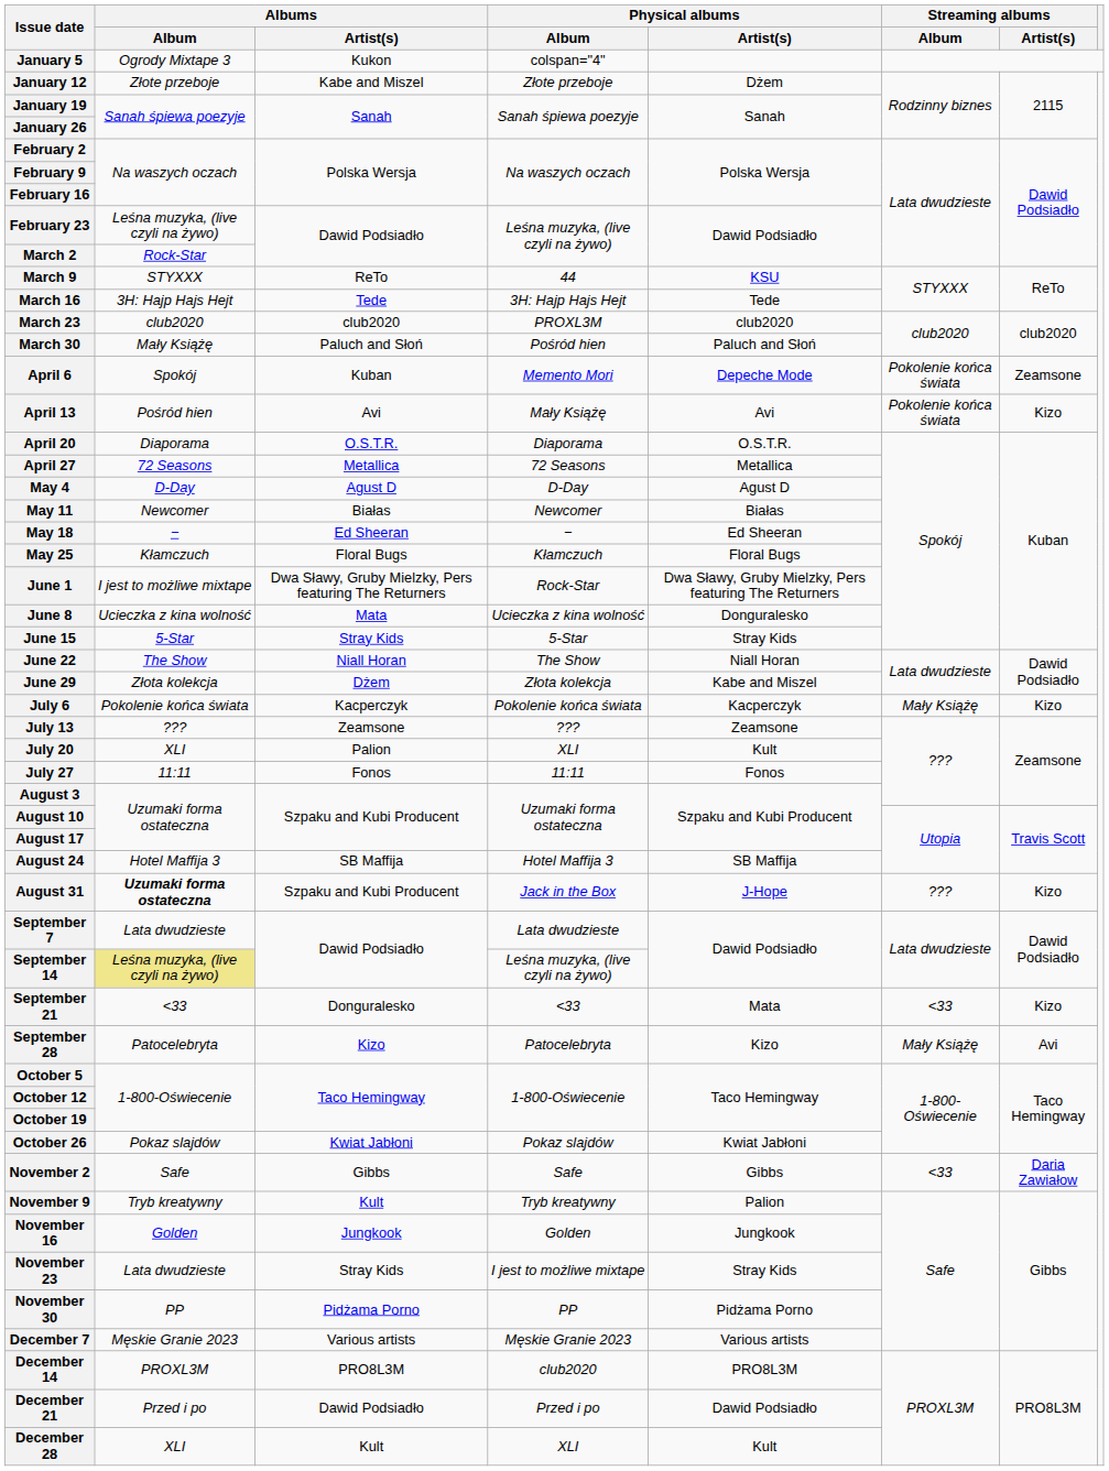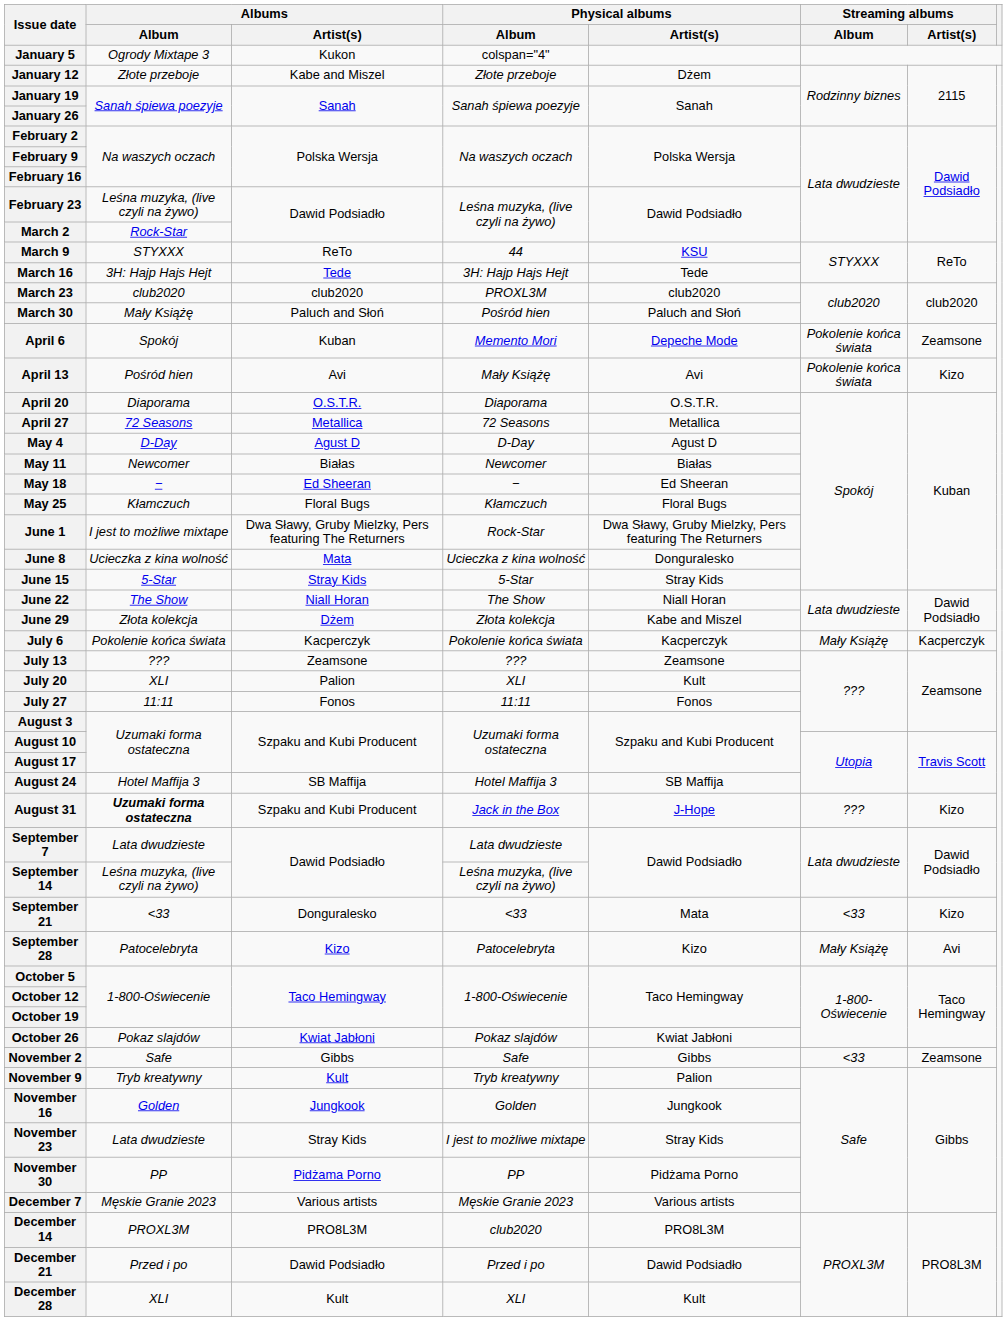 <table class="wikitable plainrowheaders" style="text-align: center">
 <tr>
 <th rowspan="2">Issue date</th>
 <th colspan="2">Albums</th>
 <th colspan="2">Physical albums</th>
 <th colspan="2">Streaming albums</th>
 <th rowspan="2"></th>
 </tr>
 <tr>
 <th>Album</th>
 <th>Artist(s)</th>
 <th>Album</th>
 <th>Artist(s)</th>
 <th>Album</th>
 <th>Artist(s)</th>
 </tr>
 <tr>
 <th scope="row">January 5</th>
 <td><em>Ogrody Mixtape 3</em></td>
 <td>Kukon</td>
 <td>colspan="4" </td>
 <td></td>
 </tr>
 <tr>
 <th scope="row">January 12</th>
 <td><em>Złote przeboje</em></td>
 <td>Kabe and Miszel</td>
 <td><em>Złote przeboje</em></td>
 <td>Dżem</td>
 <td rowspan="3"><em>Rodzinny biznes</em></td>
 <td rowspan="3">2115</td>
 <td rowspan="51"></td>
 </tr>
 <tr>
 <th scope="row">January 19</th>
 <td rowspan="2"><em><a href='#'>Sanah śpiewa poezyje</a></em></td>
 <td rowspan="2"><a href='#'>Sanah</a></td>
 <td rowspan="2"><em>Sanah śpiewa poezyje</em></td>
 <td rowspan="2">Sanah</td>
 </tr>
 <tr>
 <th scope="row">January 26</th>
 </tr>
 <tr>
 <th scope="row">February 2</th>
 <td rowspan="3"><em>Na waszych oczach</em></td>
 <td rowspan="3">Polska Wersja</td>
 <td rowspan="3"><em>Na waszych oczach</em></td>
 <td rowspan="3">Polska Wersja</td>
 <td rowspan="5"><em>Lata dwudzieste</em></td>
 <td rowspan="5"><a href='#'>Dawid Podsiadło</a></td>
 </tr>
 <tr>
 <th scope="row">February 9</th>
 </tr>
 <tr>
 <th scope="row">February 16</th>
 </tr>
 <tr>
 <th scope="row">February 23</th>
 <td><em>Leśna muzyka, (live czyli na żywo)</em></td>
 <td rowspan="2">Dawid Podsiadło</td>
 <td rowspan="2"><em>Leśna muzyka, (live czyli na żywo)</em></td>
 <td rowspan="2">Dawid Podsiadło</td>
 </tr>
 <tr>
 <th scope="row">March 2</th>
 <td><em><a href='#'>Rock-Star</a></em></td>
 </tr>
 <tr>
 <th scope="row">March 9</th>
 <td><em>STYXXX</em></td>
 <td>ReTo</td>
 <td><em>44</em></td>
 <td><a href='#'>KSU</a></td>
 <td rowspan="2"><em>STYXXX</em></td>
 <td rowspan="2">ReTo</td>
 </tr>
 <tr>
 <th scope="row">March 16</th>
 <td><em>3H: Hajp Hajs Hejt</em></td>
 <td><a href='#'>Tede</a></td>
 <td><em>3H: Hajp Hajs Hejt</em></td>
 <td>Tede</td>
 </tr>
 <tr>
 <th scope="row">March 23</th>
 <td><em>club2020</em></td>
 <td>club2020</td>
 <td><em>PROXL3M</em></td>
 <td>club2020</td>
 <td rowspan="2"><em>club2020</em></td>
 <td rowspan="2">club2020</td>
 </tr>
 <tr>
 <th scope="row">March 30</th>
 <td><em>Mały Książę</em></td>
 <td>Paluch and Słoń</td>
 <td><em>Pośród hien</em></td>
 <td>Paluch and Słoń</td>
 </tr>
 <tr>
 <th scope="row">April 6</th>
 <td><em>Spokój</em></td>
 <td>Kuban</td>
 <td><em><a href='#'>Memento Mori</a></em></td>
 <td><a href='#'>Depeche Mode</a></td>
 <td><em>Pokolenie końca świata</em></td>
 <td>Zeamsone</td>
 </tr>
 <tr>
 <th scope="row">April 13</th>
 <td><em>Pośród hien</em></td>
 <td>Avi</td>
 <td><em>Mały Książę</em></td>
 <td>Avi</td>
 <td><em>Pokolenie końca świata</em></td>
 <td>Kizo</td>
 </tr>
 <tr>
 <th scope="row">April 20</th>
 <td><em>Diaporama</em></td>
 <td><a href='#'>O.S.T.R.</a></td>
 <td><em>Diaporama</em></td>
 <td>O.S.T.R.</td>
 <td rowspan="9"><em>Spokój</em></td>
 <td rowspan="9">Kuban</td>
 </tr>
 <tr>
 <th scope="row">April 27</th>
 <td><em><a href='#'>72 Seasons</a></em></td>
 <td><a href='#'>Metallica</a></td>
 <td><em>72 Seasons</em></td>
 <td>Metallica</td>
 </tr>
 <tr>
 <th scope="row">May 4</th>
 <td><em><a href='#'>D-Day</a></em></td>
 <td><a href='#'>Agust D</a></td>
 <td><em>D-Day</em></td>
 <td>Agust D</td>
 </tr>
 <tr>
 <th scope="row">May 11</th>
 <td><em>Newcomer</em></td>
 <td>Białas</td>
 <td><em>Newcomer</em></td>
 <td>Białas</td>
 </tr>
 <tr>
 <th scope="row">May 18</th>
 <td><em><a href='#'>−</a></em></td>
 <td><a href='#'>Ed Sheeran</a></td>
 <td><em>−</em></td>
 <td>Ed Sheeran</td>
 </tr>
 <tr>
 <th scope="row">May 25</th>
 <td><em>Kłamczuch</em></td>
 <td>Floral Bugs</td>
 <td><em>Kłamczuch</em></td>
 <td>Floral Bugs</td>
 </tr>
 <tr>
 <th scope="row">June 1</th>
 <td><em>I jest to możliwe mixtape</em></td>
 <td>Dwa Sławy, Gruby Mielzky, Pers featuring The Returners</td>
 <td><em>Rock-Star</em></td>
 <td>Dwa Sławy, Gruby Mielzky, Pers featuring The Returners</td>
 </tr>
 <tr>
 <th scope="row">June 8</th>
 <td><em>Ucieczka z kina wolność</em></td>
 <td><a href='#'>Mata</a></td>
 <td><em>Ucieczka z kina wolność</em></td>
 <td>Donguralesko</td>
 </tr>
 <tr>
 <th scope="row">June 15</th>
 <td><em><a href='#'>5-Star</a></em></td>
 <td><a href='#'>Stray Kids</a></td>
 <td><em>5-Star</em></td>
 <td>Stray Kids</td>
 </tr>
 <tr>
 <th scope="row">June 22</th>
 <td><em><a href='#'>The Show</a></em></td>
 <td><a href='#'>Niall Horan</a></td>
 <td><em>The Show</em></td>
 <td>Niall Horan</td>
 <td rowspan="2"><em>Lata dwudzieste</em></td>
 <td rowspan="2">Dawid Podsiadło</td>
 </tr>
 <tr>
 <th scope="row">June 29</th>
 <td><em>Złota kolekcja</em></td>
 <td><a href='#'>Dżem</a></td>
 <td><em>Złota kolekcja</em></td>
 <td>Kabe and Miszel</td>
 </tr>
 <tr>
 <th scope="row">July 6</th>
 <td><em>Pokolenie końca świata</em></td>
 <td>Kacperczyk</td>
 <td><em>Pokolenie końca świata</em></td>
 <td>Kacperczyk</td>
 <td><em>Mały Książę</em></td>
-<td>Kizo</td>
+<td>Kacperczyk</td>
 </tr>
 <tr>
 <th scope="row">July 13</th>
 <td><em>???</em></td>
 <td>Zeamsone</td>
 <td><em>???</em></td>
 <td>Zeamsone</td>
 <td rowspan="4"><em>???</em></td>
 <td rowspan="4">Zeamsone</td>
 </tr>
 <tr>
 <th scope="row">July 20</th>
 <td><em>XLI</em></td>
 <td>Palion</td>
 <td><em>XLI</em></td>
 <td>Kult</td>
 </tr>
 <tr>
 <th scope="row">July 27</th>
 <td><em>11:11</em></td>
 <td>Fonos</td>
 <td><em>11:11</em></td>
 <td>Fonos</td>
 </tr>
 <tr>
 <th scope="row">August 3</th>
 <td rowspan="3"><em>Uzumaki forma ostateczna</em></td>
 <td rowspan="3">Szpaku and Kubi Producent</td>
 <td rowspan="3"><em>Uzumaki forma ostateczna</em></td>
 <td rowspan="3">Szpaku and Kubi Producent</td>
 </tr>
 <tr>
 <th scope="row">August 10</th>
 <td rowspan="3"><em><a href='#'>Utopia</a></em></td>
 <td rowspan="3"><a href='#'>Travis Scott</a></td>
 </tr>
 <tr>
 <th scope="row">August 17</th>
 </tr>
 <tr>
 <th scope="row">August 24</th>
 <td><em>Hotel Maffija 3</em></td>
 <td>SB Maffija</td>
 <td><em>Hotel Maffija 3</em></td>
 <td>SB Maffija</td>
 </tr>
 <tr>
 <th scope="row">August 31</th>
 <td><strong><em>Uzumaki forma ostateczna</em></strong></td>
 <td>Szpaku and Kubi Producent</td>
 <td><em><a href='#'>Jack in the Box</a></em></td>
 <td><a href='#'>J-Hope</a></td>
 <td><em>???</em></td>
 <td>Kizo</td>
 </tr>
 <tr>
 <th scope="row">September 7</th>
 <td><em>Lata dwudzieste</em></td>
 <td rowspan="2">Dawid Podsiadło</td>
 <td><em>Lata dwudzieste</em></td>
 <td rowspan="2">Dawid Podsiadło</td>
 <td rowspan="2"><em>Lata dwudzieste</em></td>
 <td rowspan="2">Dawid Podsiadło</td>
 </tr>
 <tr>
 <th scope="row">September 14</th>
-<td style="background: khaki;"><em>Leśna muzyka, (live czyli na żywo)</em></td>
+<td><em>Leśna muzyka, (live czyli na żywo)</em></td>
 <td><em>Leśna muzyka, (live czyli na żywo)</em></td>
 </tr>
 <tr>
 <th scope="row">September 21</th>
 <td><em><33</em></td>
 <td>Donguralesko</td>
 <td><em><33</em></td>
 <td>Mata</td>
 <td><em><33</em></td>
 <td>Kizo</td>
 </tr>
 <tr>
 <th scope="row">September 28</th>
 <td><em>Patocelebryta</em></td>
 <td><a href='#'>Kizo</a></td>
 <td><em>Patocelebryta</em></td>
 <td>Kizo</td>
 <td><em>Mały Książę</em></td>
 <td>Avi</td>
 </tr>
 <tr>
 <th scope="row">October 5</th>
 <td rowspan="3"><em>1-800-Oświecenie</em></td>
 <td rowspan="3"><a href='#'>Taco Hemingway</a></td>
 <td rowspan="3"><em>1-800-Oświecenie</em></td>
 <td rowspan="3">Taco Hemingway</td>
 <td rowspan="4"><em>1-800-Oświecenie</em></td>
 <td rowspan="4">Taco Hemingway</td>
 </tr>
 <tr>
 <th scope="row">October 12</th>
 </tr>
 <tr>
 <th scope="row">October 19</th>
 </tr>
 <tr>
 <th scope="row">October 26</th>
 <td><em>Pokaz slajdów</em></td>
 <td><a href='#'>Kwiat Jabłoni</a></td>
 <td><em>Pokaz slajdów</em></td>
 <td>Kwiat Jabłoni</td>
 </tr>
 <tr>
 <th scope="row">November 2</th>
 <td><em>Safe</em></td>
 <td>Gibbs</td>
 <td><em>Safe</em></td>
 <td>Gibbs</td>
 <td><em><33</em></td>
-<td><a href='#'>Daria Zawiałow</a></td>
+<td>Zeamsone</td>
 </tr>
 <tr>
 <th scope="row">November 9</th>
 <td><em>Tryb kreatywny</em></td>
 <td><a href='#'>Kult</a></td>
 <td><em>Tryb kreatywny</em></td>
 <td>Palion</td>
 <td rowspan="5"><em>Safe</em></td>
 <td rowspan="5">Gibbs</td>
 </tr>
 <tr>
 <th scope="row">November 16</th>
 <td><em><a href='#'>Golden</a></em></td>
 <td><a href='#'>Jungkook</a></td>
 <td><em>Golden</em></td>
 <td>Jungkook</td>
 </tr>
 <tr>
 <th scope="row">November 23</th>
 <td><em>Lata dwudzieste</em></td>
 <td>Stray Kids</td>
 <td><em>I jest to możliwe mixtape</em></td>
 <td>Stray Kids</td>
 </tr>
 <tr>
 <th scope="row">November 30</th>
 <td><em>PP</em></td>
 <td><a href='#'>Pidżama Porno</a></td>
 <td><em>PP</em></td>
 <td>Pidżama Porno</td>
 </tr>
 <tr>
 <th scope="row">December 7</th>
 <td><em>Męskie Granie 2023</em></td>
 <td>Various artists</td>
 <td><em>Męskie Granie 2023</em></td>
 <td>Various artists</td>
 </tr>
 <tr>
 <th scope="row">December 14</th>
 <td><em>PROXL3M</em></td>
 <td>PRO8L3M</td>
 <td><em>club2020</em></td>
 <td>PRO8L3M</td>
 <td rowspan="3"><em>PROXL3M</em></td>
 <td rowspan="3">PRO8L3M</td>
 </tr>
 <tr>
 <th scope="row">December 21</th>
 <td><em>Przed i po</em></td>
 <td>Dawid Podsiadło</td>
 <td><em>Przed i po</em></td>
 <td>Dawid Podsiadło</td>
 </tr>
 <tr>
 <th scope="row">December 28</th>
 <td><em>XLI</em></td>
 <td>Kult</td>
 <td><em>XLI</em></td>
 <td>Kult</td>
 </tr>
 </table>
